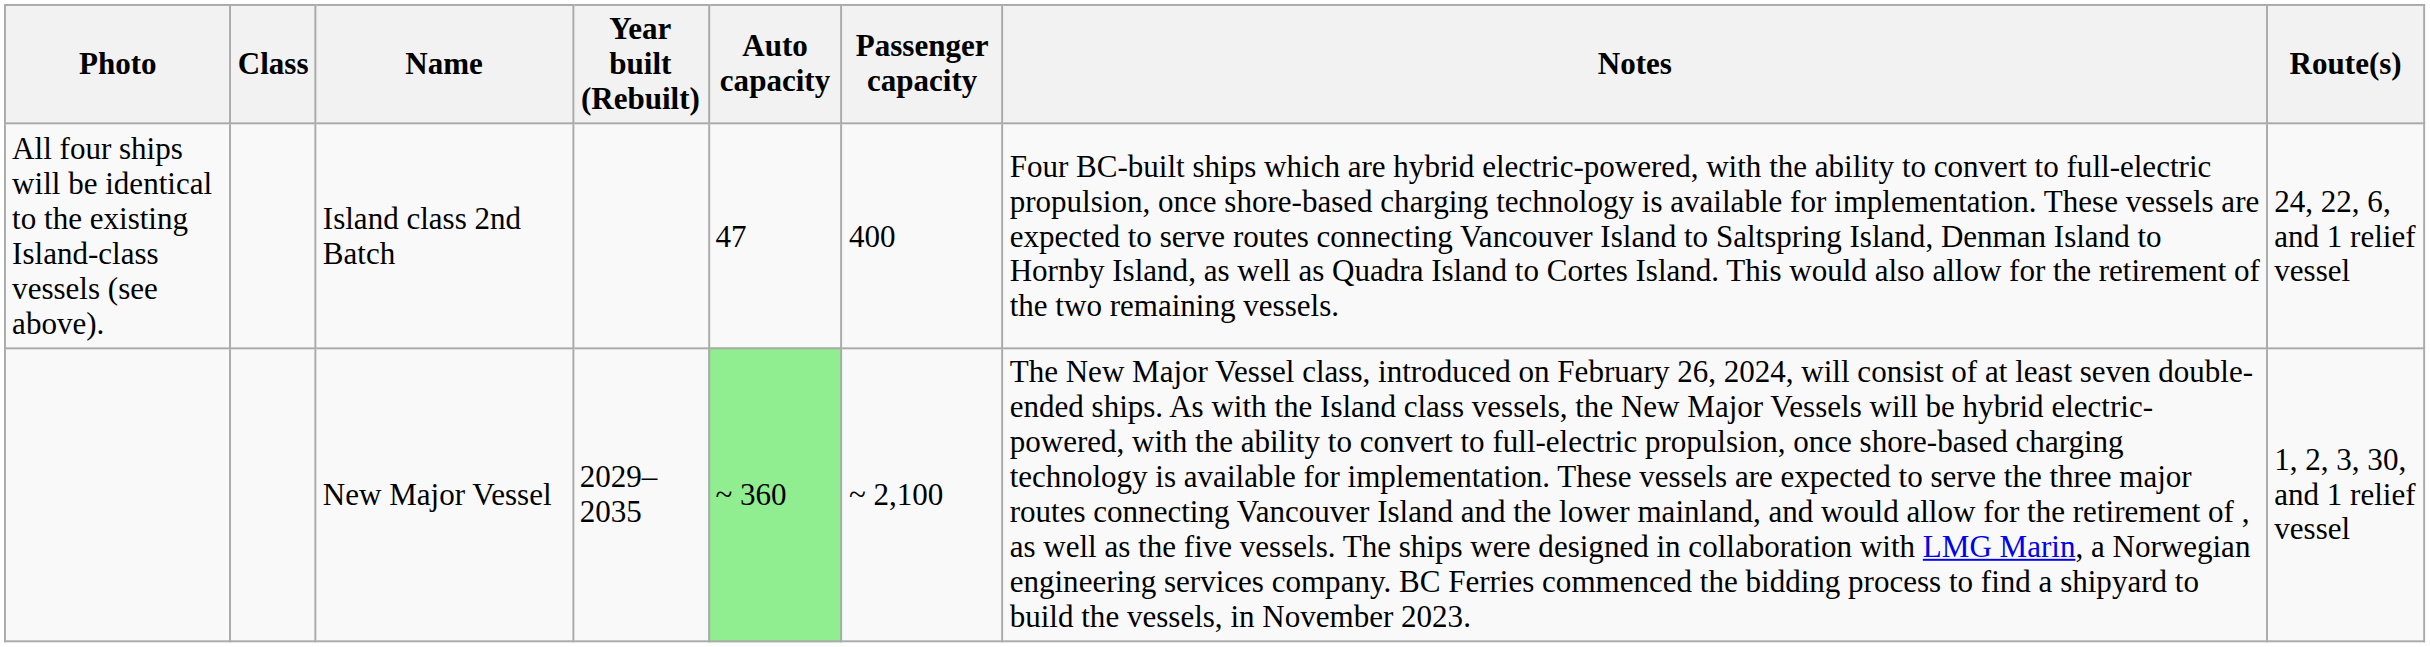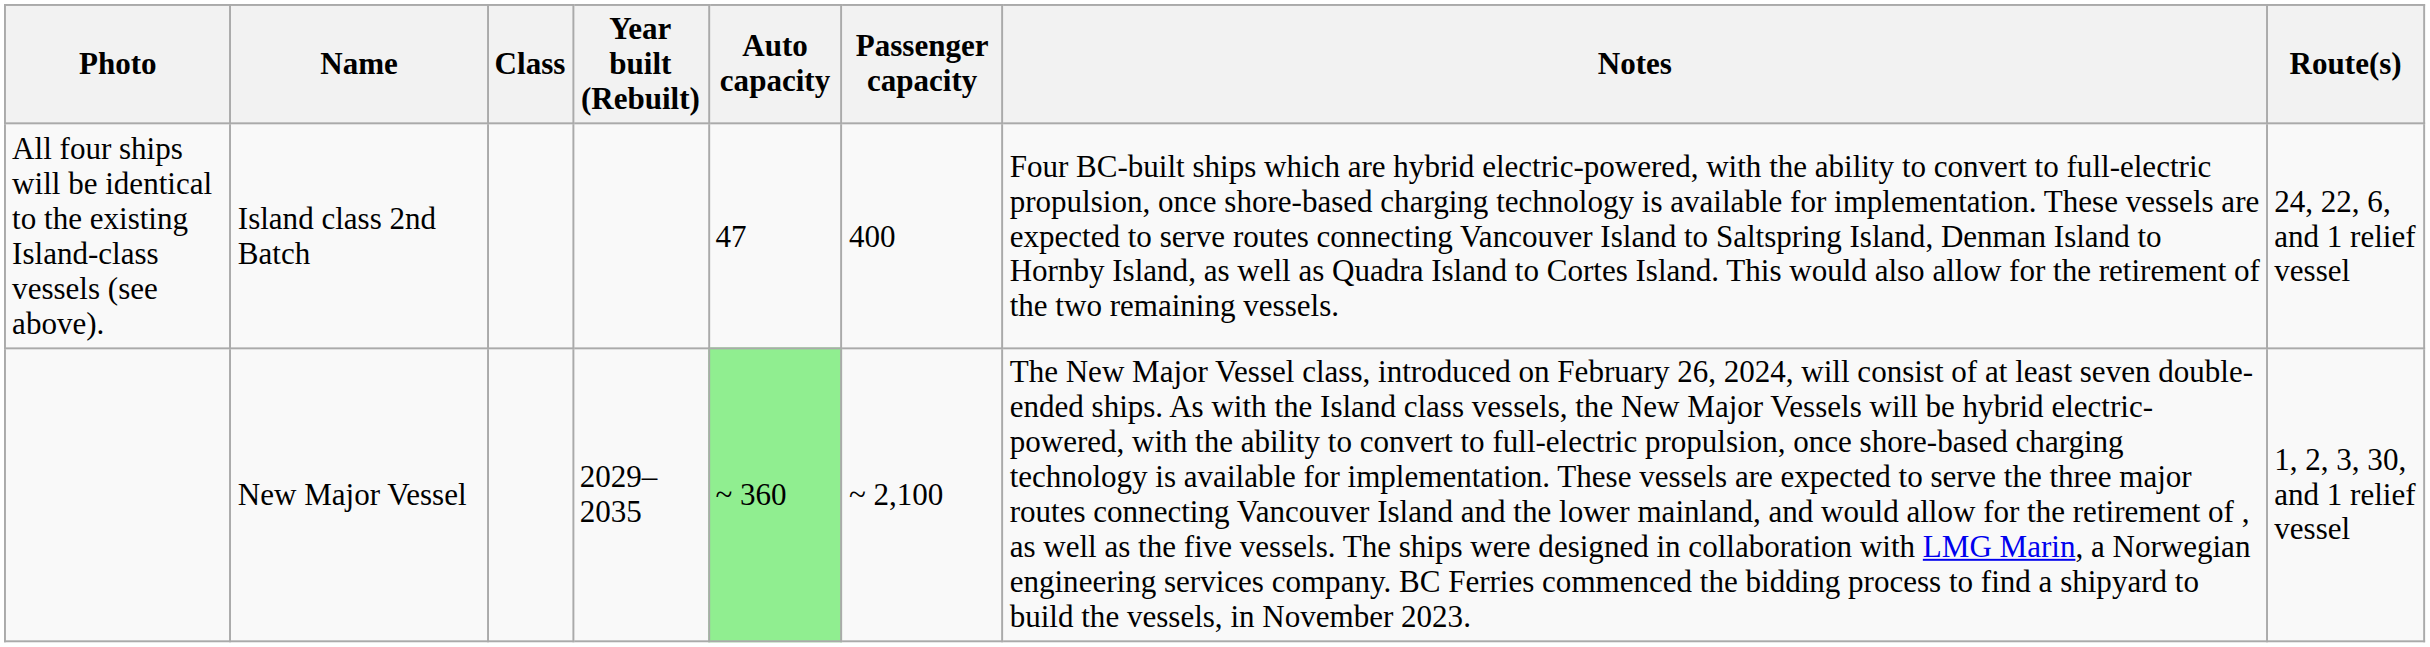 <table class="wikitable sortable" style="font-size:100%">
 <tr>
 <th>Photo</th>
+<th style="width:125px">Name</th>
 <th>Class</th>
-<th style="width:125px">Name</th>
 <th>Year built<br>(Rebuilt)</th>
 <th>Auto capacity</th>
 <th>Passenger capacity</th>
 <th>Notes</th>
 <th>Route(s)</th>
 </tr>
 <tr>
 <td>All four ships will be identical to the existing Island-class vessels (see above).</td>
+<td>Island class 2nd Batch</td>
 <td></td>
-<td>Island class 2nd Batch</td>
 <td></td>
 <td>47</td>
 <td>400</td>
 <td>Four BC-built ships which are hybrid electric-powered, with the ability to convert to full-electric propulsion, once shore-based charging technology is available for implementation.   These vessels are expected to serve routes connecting Vancouver Island to Saltspring Island, Denman Island to Hornby Island, as well as Quadra Island to Cortes Island. This would also allow for the retirement of the two remaining  vessels.</td>
 <td>24, 22, 6, and 1 relief vessel</td>
 </tr>
 <tr>
 <td></td>
+<td>New Major Vessel</td>
 <td></td>
-<td>New Major Vessel</td>
 <td>2029–2035</td>
 <td style="background: lightgreen;">~ 360</td>
 <td>~ 2,100</td>
 <td>The New Major Vessel class, introduced on February 26, 2024, will consist of at least seven double-ended ships. As with the Island class vessels,  the New Major Vessels will be hybrid electric-powered, with the ability to convert to full-electric propulsion, once shore-based charging technology is available for implementation. These vessels are expected to serve the three major routes connecting Vancouver Island and the lower mainland, and would allow for the retirement of , as well as the five  vessels. The ships were designed in collaboration with <a href='#'>LMG Marin</a>, a Norwegian engineering services company. BC Ferries commenced the bidding process to find a shipyard to build the vessels, in November 2023.</td>
 <td>1, 2, 3, 30, and 1 relief vessel</td>
 </tr>
 </table>
